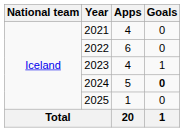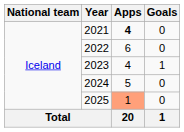 <table class="wikitable" style="text-align:center">
 <tr>
 <th>National team</th>
 <th>Year</th>
 <th>Apps</th>
 <th>Goals</th>
 </tr>
 <tr>
 <td rowspan="5"><a href='#'>Iceland</a></td>
 <td>2021</td>
-<td>4</td>
+<td><strong>4</strong></td>
 <td>0</td>
 </tr>
 <tr>
 <td>2022</td>
 <td>6</td>
 <td>0</td>
 </tr>
 <tr>
 <td>2023</td>
 <td>4</td>
 <td>1</td>
 </tr>
 <tr>
 <td>2024</td>
 <td>5</td>
-<td><strong>0</strong></td>
+<td>0</td>
 </tr>
 <tr>
 <td>2025</td>
-<td>1</td>
+<td style="background: lightsalmon;">1</td>
 <td>0</td>
 </tr>
 <tr>
 <th colspan="2">Total</th>
 <th>20</th>
 <th>1</th>
 </tr>
 </table>
